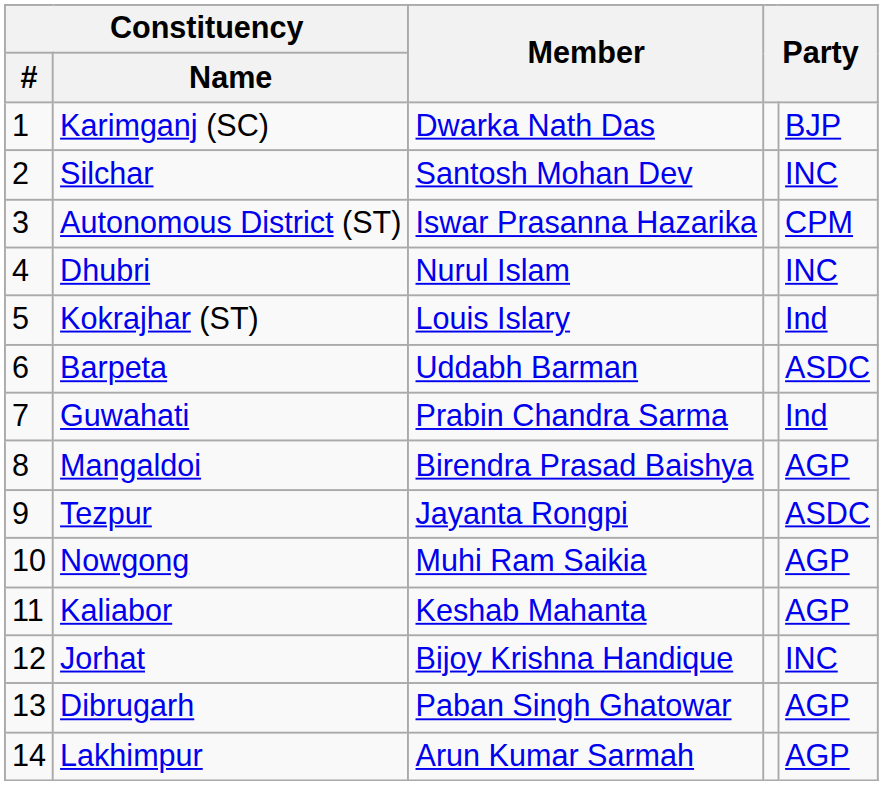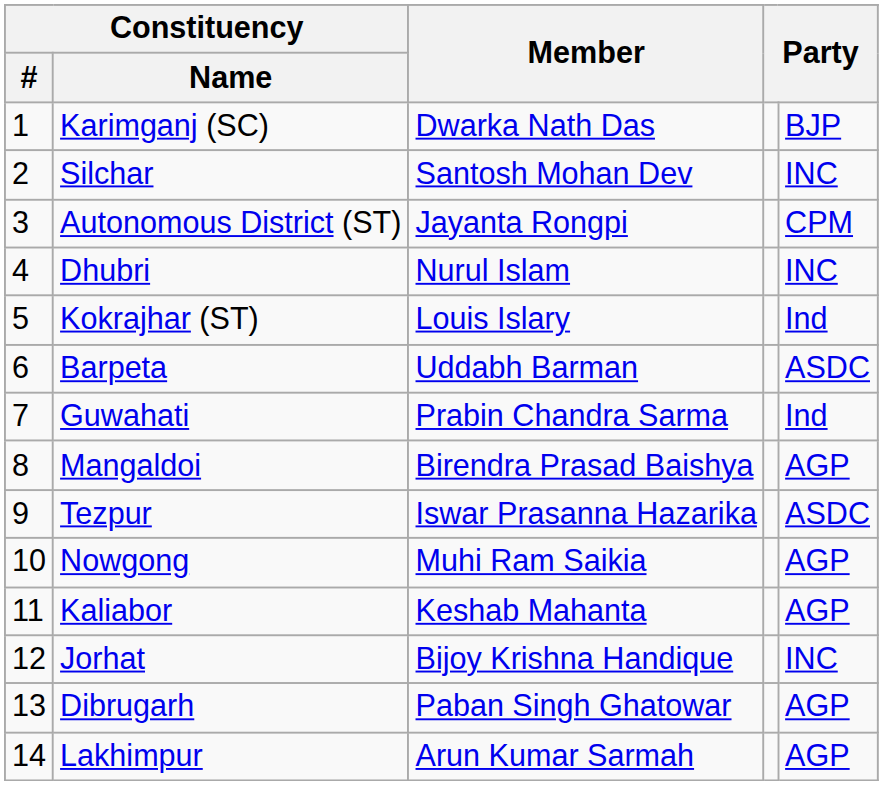 <table class="wikitable sortable">
 <tr>
 <th colspan="2">Constituency</th>
 <th rowspan="2">Member</th>
 <th colspan="2" rowspan="2">Party</th>
 </tr>
 <tr>
 <th>#</th>
 <th>Name</th>
 </tr>
 <tr>
 <td>1</td>
 <td><a href='#'>Karimganj</a> (SC)</td>
 <td><a href='#'>Dwarka Nath Das</a></td>
 <td style="background-color: "></td>
 <td><a href='#'>BJP</a></td>
 </tr>
 <tr>
 <td>2</td>
 <td><a href='#'>Silchar</a></td>
 <td><a href='#'>Santosh Mohan Dev</a></td>
 <td style="background-color: "></td>
 <td><a href='#'>INC</a></td>
 </tr>
 <tr>
 <td>3</td>
 <td><a href='#'>Autonomous District</a> (ST)</td>
-<td><a href='#'>Iswar Prasanna Hazarika</a></td>
+<td><a href='#'>Jayanta Rongpi</a></td>
 <td style="background-color: "></td>
 <td><a href='#'>CPM</a></td>
 </tr>
 <tr>
 <td>4</td>
 <td><a href='#'>Dhubri</a></td>
 <td><a href='#'>Nurul Islam</a></td>
 <td style="background-color: "></td>
 <td><a href='#'>INC</a></td>
 </tr>
 <tr>
 <td>5</td>
 <td><a href='#'>Kokrajhar</a> (ST)</td>
 <td><a href='#'>Louis Islary</a></td>
 <td style="background-color: "></td>
 <td><a href='#'>Ind</a></td>
 </tr>
 <tr>
 <td>6</td>
 <td><a href='#'>Barpeta</a></td>
 <td><a href='#'>Uddabh Barman</a></td>
 <td style="background-color: "></td>
 <td><a href='#'>ASDC</a></td>
 </tr>
 <tr>
 <td>7</td>
 <td><a href='#'>Guwahati</a></td>
 <td><a href='#'>Prabin Chandra Sarma</a></td>
 <td style="background-color: "></td>
 <td><a href='#'>Ind</a></td>
 </tr>
 <tr>
 <td>8</td>
 <td><a href='#'>Mangaldoi</a></td>
 <td><a href='#'>Birendra Prasad Baishya</a></td>
 <td style="background-color: "></td>
 <td><a href='#'>AGP</a></td>
 </tr>
 <tr>
 <td>9</td>
 <td><a href='#'>Tezpur</a></td>
-<td><a href='#'>Jayanta Rongpi</a></td>
+<td><a href='#'>Iswar Prasanna Hazarika</a></td>
 <td style="background-color: "></td>
 <td><a href='#'>ASDC</a></td>
 </tr>
 <tr>
 <td>10</td>
 <td><a href='#'>Nowgong</a></td>
 <td><a href='#'>Muhi Ram Saikia</a></td>
 <td style="background-color: "></td>
 <td><a href='#'>AGP</a></td>
 </tr>
 <tr>
 <td>11</td>
 <td><a href='#'>Kaliabor</a></td>
 <td><a href='#'>Keshab Mahanta</a></td>
 <td style="background-color: "></td>
 <td><a href='#'>AGP</a></td>
 </tr>
 <tr>
 <td>12</td>
 <td><a href='#'>Jorhat</a></td>
 <td><a href='#'>Bijoy Krishna Handique</a></td>
 <td style="background-color: "></td>
 <td><a href='#'>INC</a></td>
 </tr>
 <tr>
 <td>13</td>
 <td><a href='#'>Dibrugarh</a></td>
 <td><a href='#'>Paban Singh Ghatowar</a></td>
 <td style="background-color: "></td>
 <td><a href='#'>AGP</a></td>
 </tr>
 <tr>
 <td>14</td>
 <td><a href='#'>Lakhimpur</a></td>
 <td><a href='#'>Arun Kumar Sarmah</a></td>
 <td style="background-color: "></td>
 <td><a href='#'>AGP</a></td>
 </tr>
 </table>
